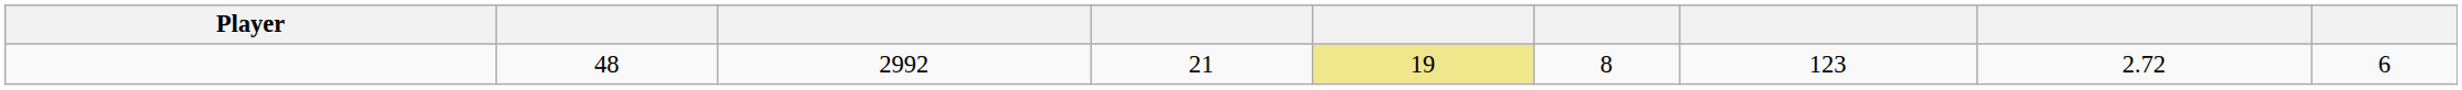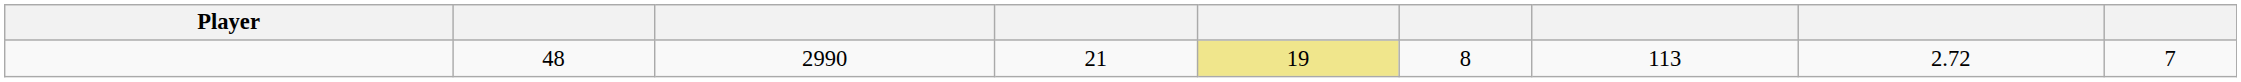 <table class="wikitable sortable" style="width:100%;">
 <tr style="text-align:center; background:#ddd;">
 <th>Player</th>
 <th></th>
 <th></th>
 <th></th>
 <th></th>
 <th></th>
 <th></th>
 <th></th>
 <th></th>
 </tr>
 <tr align=center>
 <td></td>
 <td>48</td>
-<td>2992</td>
+<td>2990</td>
 <td>21</td>
 <td style="background: khaki;">19</td>
 <td>8</td>
-<td>123</td>
+<td>113</td>
 <td>2.72</td>
-<td>6</td>
+<td>7</td>
 </tr>
 </table>
